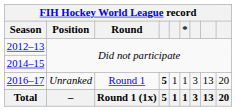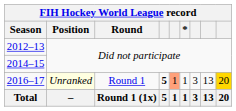 <table class="wikitable" style="text-align: center;">
 <tr>
 <th colspan=9><a href='#'>FIH Hockey World League</a> record</th>
 </tr>
 <tr>
 <th>Season</th>
 <th>Position</th>
 <th>Round</th>
 <th></th>
 <th></th>
 <th> *</th>
 <th></th>
 <th></th>
 <th></th>
 </tr>
 <tr>
 <td><a href='#'>2012–13</a></td>
 <td rowspan=2 colspan=8><em>Did not participate</em></td>
 </tr>
 <tr>
 <td><a href='#'>2014–15</a></td>
 </tr>
 <tr>
 <td><a href='#'>2016–17</a></td>
-<td><em>Unranked</em></td>
+<td style="background: lightyellow;"><em>Unranked</em></td>
 <td><a href='#'>Round 1</a></td>
 <td><strong>5</strong></td>
-<td>1</td>
+<td style="background: lightsalmon;">1</td>
 <td>1</td>
 <td>3</td>
 <td>13</td>
-<td>20</td>
+<td style="background: gold;">20</td>
 </tr>
 <tr>
 <th>Total</th>
 <th>–</th>
 <th>Round 1 (1x)</th>
 <th>5</th>
 <th>1</th>
 <th>1</th>
 <th>3</th>
 <th>13</th>
 <th>20</th>
 </tr>
 </table>
